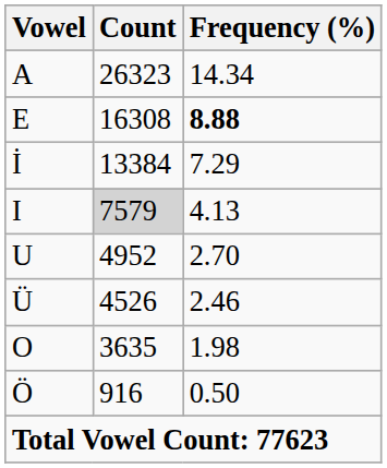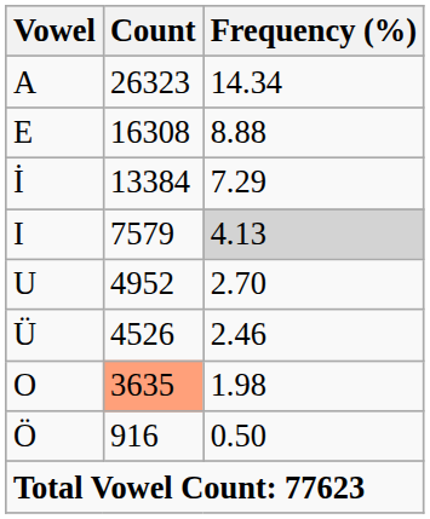 <table class="wikitable" border="0">
 <tr>
 <th>Vowel</th>
 <th>Count</th>
 <th>Frequency (%)</th>
 </tr>
 <tr>
 <td>A</td>
 <td>26323</td>
 <td>14.34</td>
 </tr>
 <tr>
 <td>E</td>
 <td>16308</td>
-<td><strong>8.88</strong></td>
+<td>8.88</td>
 </tr>
 <tr>
 <td>İ</td>
 <td>13384</td>
 <td>7.29</td>
 </tr>
 <tr>
 <td>I</td>
-<td style="background: lightgrey;">7579</td>
-<td>4.13</td>
+<td>7579</td>
+<td style="background: lightgrey;">4.13</td>
 </tr>
 <tr>
 <td>U</td>
 <td>4952</td>
 <td>2.70</td>
 </tr>
 <tr>
 <td>Ü</td>
 <td>4526</td>
 <td>2.46</td>
 </tr>
 <tr>
 <td>O</td>
-<td>3635</td>
+<td style="background: lightsalmon;">3635</td>
 <td>1.98</td>
 </tr>
 <tr>
 <td>Ö</td>
 <td>916</td>
 <td>0.50</td>
 </tr>
 <tr>
 <td colspan="3"><strong>Total Vowel Count: 77623</strong></td>
 </tr>
 </table>
